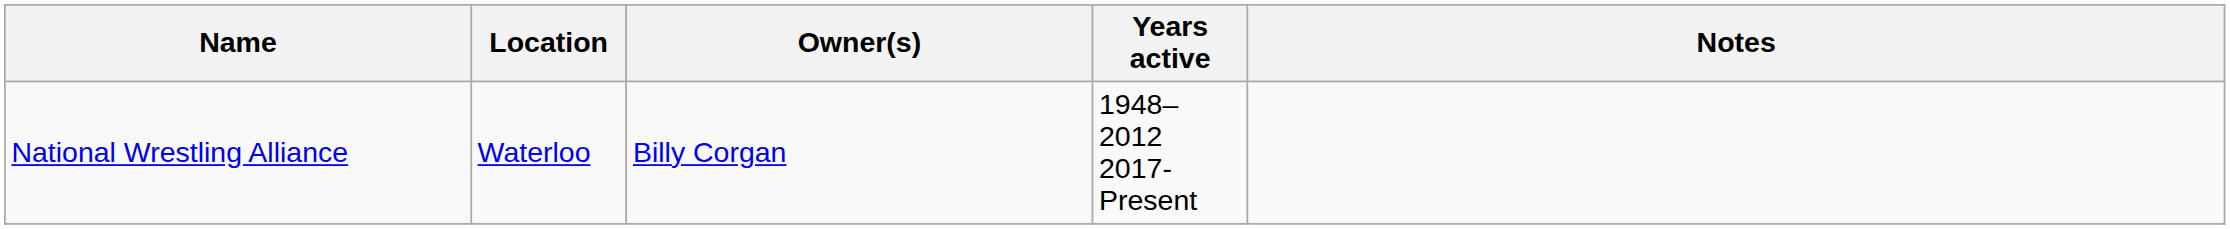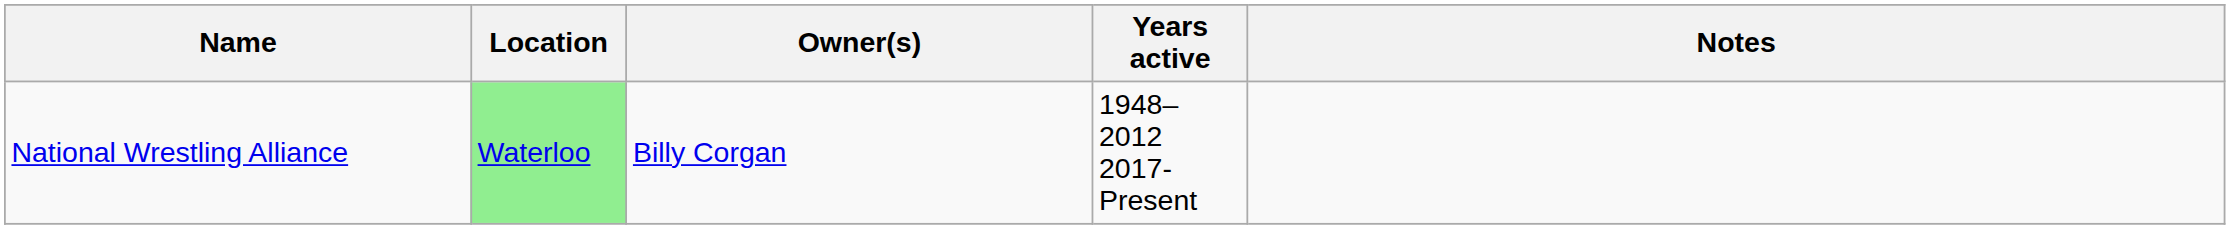 <table class=wikitable>
 <tr>
 <th style="width:21%;">Name</th>
 <th style="width:7%;">Location</th>
 <th style="width:21%;">Owner(s)</th>
 <th style="width:7%;">Years active</th>
 <th style="width:55%;">Notes</th>
 </tr>
 <tr>
 <td><a href='#'>National Wrestling Alliance</a></td>
-<td><a href='#'>Waterloo</a></td>
+<td style="background: lightgreen;"><a href='#'>Waterloo</a></td>
 <td><a href='#'>Billy Corgan</a></td>
 <td>1948–2012 2017-Present</td>
 </tr>
 </table>
